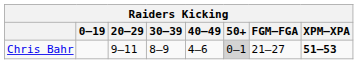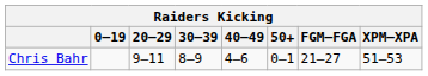 <table class="wikitable">
 <tr>
 <th colspan="8">Raiders Kicking</th>
 </tr>
 <tr>
 <th></th>
 <th>0–19</th>
 <th>20–29</th>
 <th>30–39</th>
 <th>40–49</th>
 <th>50+</th>
 <th>FGM–FGA</th>
 <th>XPM–XPA</th>
 </tr>
 <tr>
 <td><a href='#'>Chris Bahr</a></td>
 <td></td>
 <td>9–11</td>
 <td>8–9</td>
 <td>4–6</td>
-<td style="background: lightgrey;">0–1</td>
+<td>0–1</td>
 <td>21–27</td>
-<td><strong>51–53</strong></td>
+<td>51–53</td>
 </tr>
 </table>
